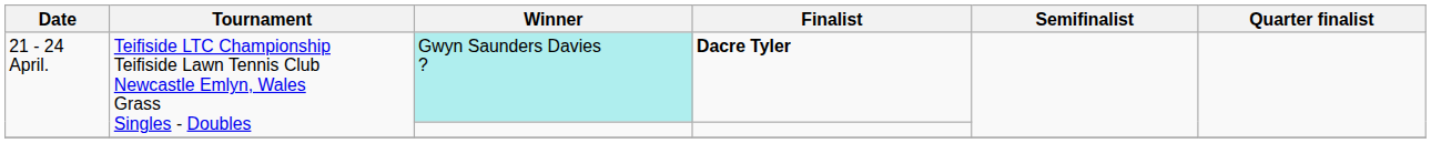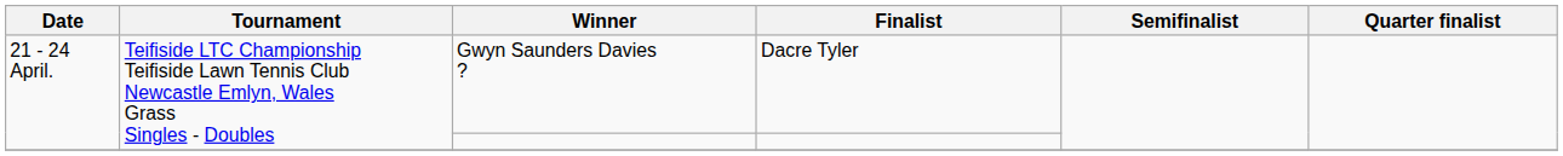 <table class="wikitable" style="font-size:85%;">
 <tr>
 <th width="75">Date</th>
 <th width="230">Tournament</th>
 <th width="210">Winner</th>
 <th width="210">Finalist</th>
 <th width="170">Semifinalist</th>
 <th width="170">Quarter finalist</th>
 </tr>
 <tr valign=top>
 <td rowspan=2>21 - 24 April.</td>
 <td rowspan=2><a href='#'>Teifiside LTC Championship</a><br>Teifiside Lawn Tennis Club<br><a href='#'>Newcastle Emlyn, Wales</a><br>Grass<br><a href='#'>Singles</a> - <a href='#'>Doubles</a></td>
-<td style="background: paleturquoise;">  Gwyn Saunders Davies<br>?</td>
-<td><strong> Dacre Tyler</strong></td>
+<td>  Gwyn Saunders Davies<br>?</td>
+<td> Dacre Tyler</td>
 <td rowspan=2></td>
 <td rowspan=2></td>
 </tr>
 <tr valign=top>
 <td></td>
 <td></td>
 </tr>
 <tr valign=top>
 </tr>
 </table>
